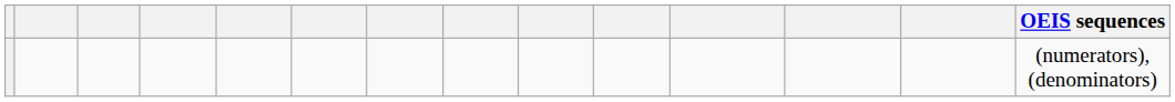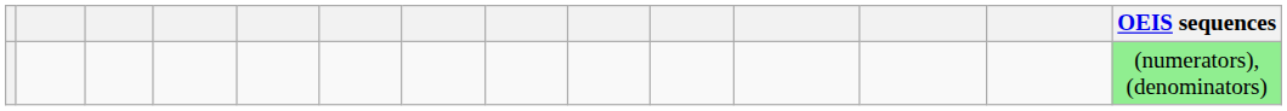 <table class="wikitable" border="1" align="center">
 <tr>
 <th></th>
 <th width="40"></th>
 <th width="40"></th>
 <th width="50"></th>
 <th width="50"></th>
 <th width="50"></th>
 <th width="50"></th>
 <th width="50"></th>
 <th width="50"></th>
 <th width="50"></th>
 <th width="80"></th>
 <th width="80"></th>
 <th width="80"></th>
 <th><a href='#'>OEIS</a> sequences</th>
 </tr>
 <tr align="center">
 <th></th>
 <td></td>
 <td></td>
 <td></td>
 <td></td>
 <td></td>
 <td></td>
 <td></td>
 <td></td>
 <td></td>
 <td></td>
 <td></td>
 <td></td>
-<td> (numerators),<br> (denominators)</td>
+<td style="background: lightgreen;"> (numerators),<br> (denominators)</td>
 </tr>
 </table>
